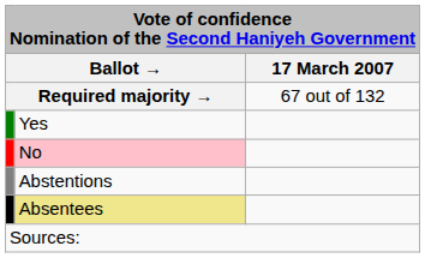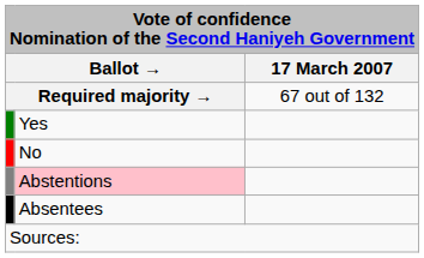 <table class="wikitable" style="text-align:center;">
 <tr>
 <td colspan="4" align="center" bgcolor="#C0C0C0"><strong>Vote of confidence</strong><br><strong>Nomination of the <a href='#'>Second Haniyeh Government</a></strong></td>
 </tr>
 <tr>
 <th colspan="2" style="width:150px;">Ballot →</th>
 <th>17 March 2007</th>
 </tr>
 <tr>
 <th colspan="2">Required majority →</th>
 <td>67 out of 132 </td>
 </tr>
 <tr>
 <th style="width:1px; background:green;"></th>
 <td style="text-align:left;"><span>Yes</span></td>
 <td></td>
 </tr>
 <tr>
 <th style="background:red;"></th>
-<td style="background: pink; text-align:left;"><span>No</span></td>
+<td style="text-align:left;"><span>No</span></td>
 <td></td>
 </tr>
 <tr>
 <th style="background:gray;"></th>
-<td style="text-align:left;"><span>Abstentions</span></td>
+<td style="background: pink; text-align:left;"><span>Abstentions</span></td>
 <td></td>
 </tr>
 <tr>
 <th style="background:black;"></th>
-<td style="background: khaki; text-align:left;"><span>Absentees</span></td>
+<td style="text-align:left;"><span>Absentees</span></td>
 <td></td>
 </tr>
 <tr>
 <td style="text-align:left;" colspan="4">Sources: </td>
 </tr>
 </table>
